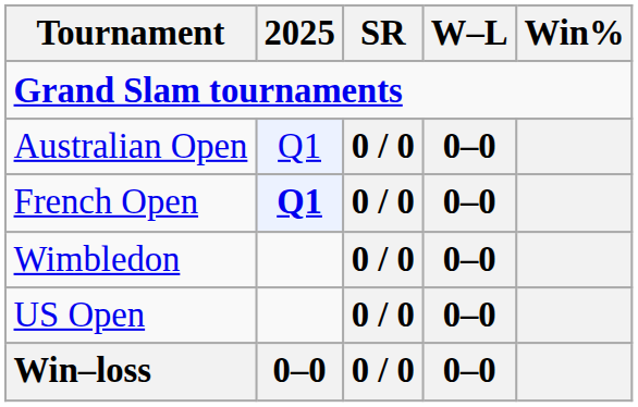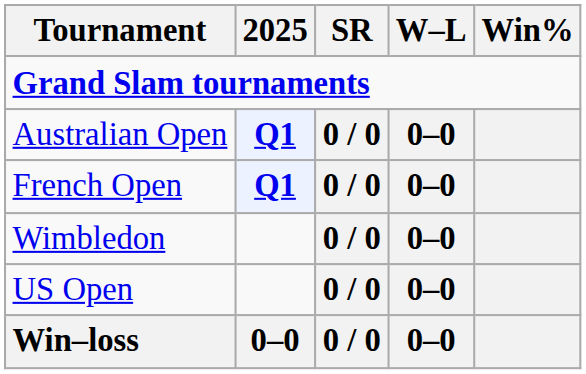 <table class=wikitable style=text-align:center>
 <tr>
 <th>Tournament</th>
 <th>2025</th>
 <th>SR</th>
 <th>W–L</th>
 <th>Win%</th>
 </tr>
 <tr>
 <td colspan="11" style="text-align:left"><a href='#'><strong>Grand Slam tournaments</strong></a></td>
 </tr>
 <tr>
 <td align=left><a href='#'>Australian Open</a></td>
-<td bgcolor=ecf2ff><a href='#'>Q1</a></td>
+<td bgcolor=ecf2ff><strong><a href='#'>Q1</a></strong></td>
 <th>0 / 0</th>
 <th>0–0</th>
 <th></th>
 </tr>
 <tr>
 <td align=left><a href='#'>French Open</a></td>
 <td bgcolor=ecf2ff><strong><a href='#'>Q1</a></strong></td>
 <th>0 / 0</th>
 <th>0–0</th>
 <th></th>
 </tr>
 <tr>
 <td align=left><a href='#'>Wimbledon</a></td>
 <td></td>
 <th>0 / 0</th>
 <th>0–0</th>
 <th></th>
 </tr>
 <tr>
 <td align=left><a href='#'>US Open</a></td>
 <td></td>
 <th>0 / 0</th>
 <th>0–0</th>
 <th></th>
 </tr>
 <tr>
 <th style=text-align:left><strong>Win–loss</strong></th>
 <th>0–0</th>
 <th>0 / 0</th>
 <th>0–0</th>
 <th></th>
 </tr>
 </table>
